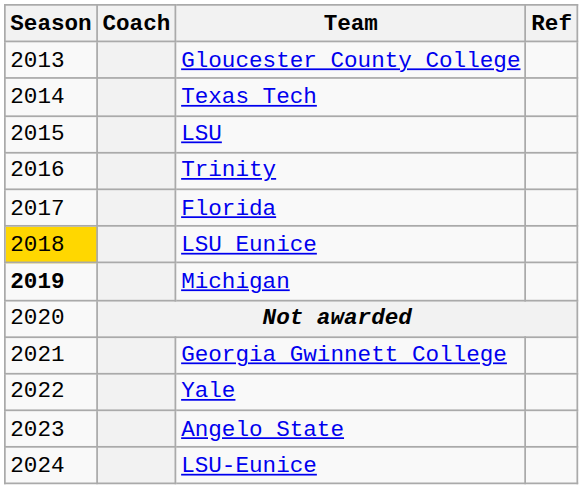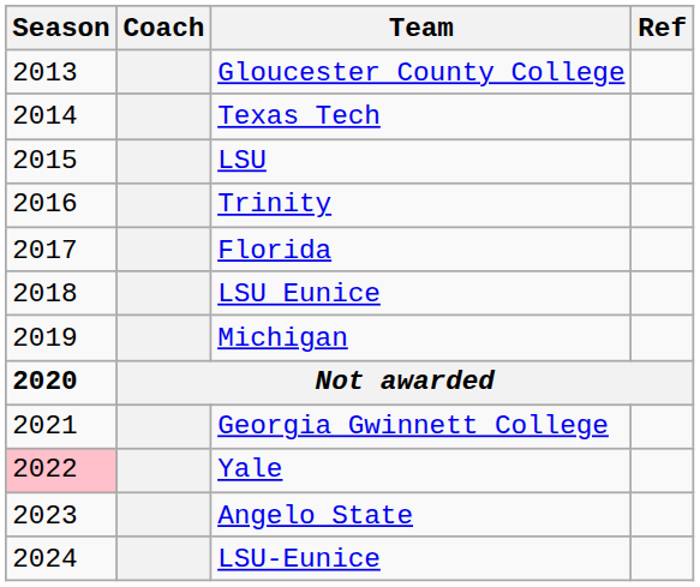 <table class="wikitable sortable plainrowheaders">
 <tr>
 <th scope="col">Season</th>
 <th scope="col">Coach</th>
 <th scope="col">Team</th>
 <th scope="col" class=unsortable>Ref</th>
 </tr>
 <tr>
 <td>2013</td>
 <th scope="row"></th>
 <td><a href='#'>Gloucester County College</a></td>
 <td></td>
 </tr>
 <tr>
 <td>2014</td>
 <th scope="row"></th>
 <td><a href='#'>Texas Tech</a></td>
 <td></td>
 </tr>
 <tr>
 <td>2015</td>
 <th scope="row"></th>
 <td><a href='#'>LSU</a></td>
 <td></td>
 </tr>
 <tr>
 <td>2016</td>
 <th scope="row"></th>
 <td><a href='#'>Trinity</a></td>
 <td></td>
 </tr>
 <tr>
 <td>2017</td>
 <th scope="row"></th>
 <td><a href='#'>Florida</a></td>
 <td></td>
 </tr>
 <tr>
-<td style="background: gold;">2018</td>
+<td>2018</td>
 <th scope="row"></th>
 <td><a href='#'>LSU Eunice</a></td>
 <td></td>
 </tr>
 <tr>
-<td><strong>2019</strong></td>
+<td>2019</td>
 <th scope="row"></th>
 <td><a href='#'>Michigan</a></td>
 <td></td>
 </tr>
 <tr>
-<td>2020</td>
+<td><strong>2020</strong></td>
 <th scope="row" colspan=3><em>Not awarded</em></th>
 </tr>
 <tr>
 <td>2021</td>
 <th scope="row"></th>
 <td><a href='#'>Georgia Gwinnett College</a></td>
 </tr>
 <tr>
-<td>2022</td>
+<td style="background: pink;">2022</td>
 <th scope="row"></th>
 <td><a href='#'>Yale</a></td>
 <td></td>
 </tr>
 <tr>
 <td>2023</td>
 <th scope="row"></th>
 <td><a href='#'>Angelo State</a></td>
 <td></td>
 </tr>
 <tr>
 <td>2024</td>
 <th scope="row"></th>
 <td><a href='#'>LSU-Eunice</a></td>
 <td></td>
 </tr>
 </table>
